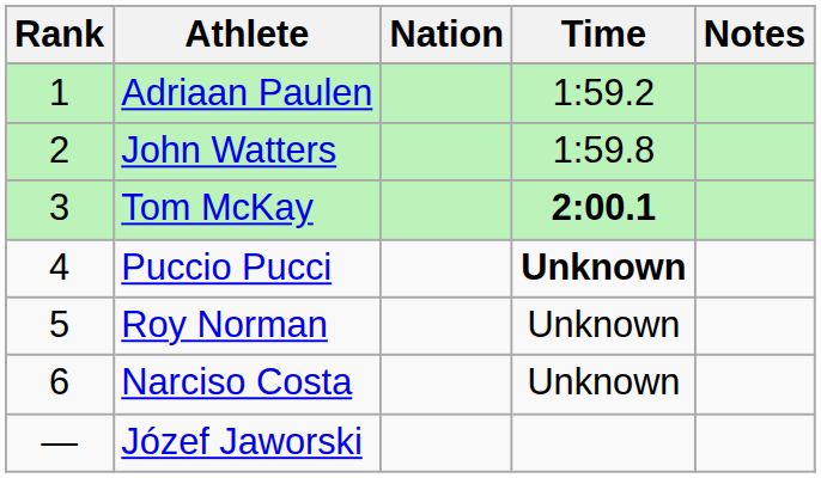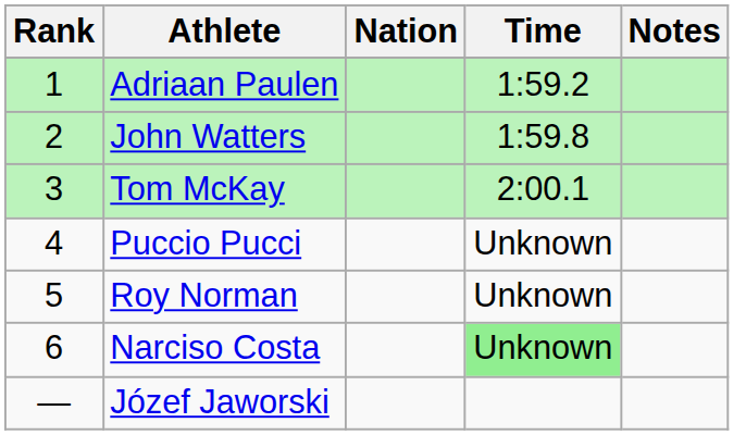 <table class="wikitable sortable" style="text-align:center">
 <tr>
 <th>Rank</th>
 <th>Athlete</th>
 <th>Nation</th>
 <th>Time</th>
 <th>Notes</th>
 </tr>
 <tr>
 </tr>
 <tr bgcolor=bbf3bb>
 <td>1</td>
 <td align=left><a href='#'>Adriaan Paulen</a></td>
 <td align=left></td>
 <td>1:59.2</td>
 <td></td>
 </tr>
 <tr bgcolor=bbf3bb>
 <td>2</td>
 <td align=left><a href='#'>John Watters</a></td>
 <td align=left></td>
 <td>1:59.8</td>
 <td></td>
 </tr>
 <tr bgcolor=bbf3bb>
 <td>3</td>
 <td align=left><a href='#'>Tom McKay</a></td>
 <td align=left></td>
-<td><strong>2:00.1</strong></td>
+<td>2:00.1</td>
 <td></td>
 </tr>
 <tr>
 <td>4</td>
 <td align=left><a href='#'>Puccio Pucci</a></td>
 <td align=left></td>
-<td data-sort-value=3:00.0><strong>Unknown</strong></td>
+<td data-sort-value=3:00.0>Unknown</td>
 <td></td>
 </tr>
 <tr>
 <td>5</td>
 <td align=left><a href='#'>Roy Norman</a></td>
 <td align=left></td>
 <td data-sort-value=4:00.0>Unknown</td>
 <td></td>
 </tr>
 <tr>
 <td>6</td>
 <td align=left><a href='#'>Narciso Costa</a></td>
 <td align=left></td>
-<td data-sort-value=5:00.0>Unknown</td>
+<td data-sort-value=5:00.0 style="background: lightgreen;">Unknown</td>
 <td></td>
 </tr>
 <tr>
 <td data-sort-value=7>—</td>
 <td align=left><a href='#'>Józef Jaworski</a></td>
 <td align=left></td>
 <td></td>
 <td></td>
 </tr>
 </table>
